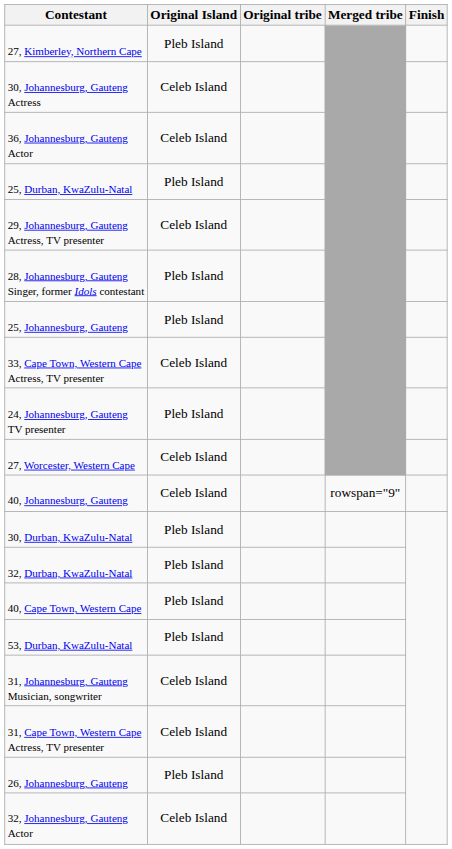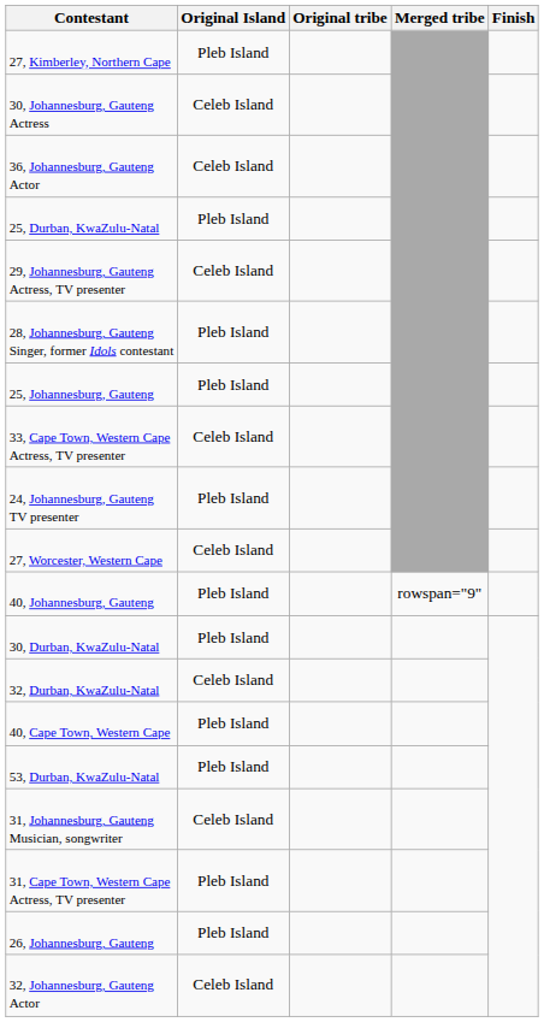 <table class="wikitable sortable nowrap" style="margin:auto; text-align:center">
 <tr>
 <th>Contestant</th>
 <th>Original Island</th>
 <th>Original tribe</th>
 <th>Merged tribe</th>
 <th>Finish</th>
 </tr>
 <tr>
 <td align="left"><strong></strong><br><small>27, <a href='#'>Kimberley, Northern Cape</a></small></td>
 <td>Pleb Island</td>
 <td> </td>
 <td rowspan="10" bgcolor="darkgray"></td>
 <td></td>
 </tr>
 <tr>
 <td align="left"><strong></strong><br><small>30, <a href='#'>Johannesburg, Gauteng</a><br>Actress</small></td>
 <td>Celeb Island</td>
 <td></td>
 <td></td>
 </tr>
 <tr>
 <td align="left"><strong></strong><br><small>36, <a href='#'>Johannesburg, Gauteng</a><br>Actor</small></td>
 <td>Celeb Island</td>
 <td></td>
 <td></td>
 </tr>
 <tr>
 <td align="left"><strong></strong><br><small>25, <a href='#'>Durban, KwaZulu-Natal</a></small></td>
 <td>Pleb Island</td>
 <td></td>
 <td></td>
 </tr>
 <tr>
 <td align="left"><strong></strong><br><small>29, <a href='#'>Johannesburg, Gauteng</a><br>Actress, TV presenter</small></td>
 <td>Celeb Island</td>
 <td></td>
 <td></td>
 </tr>
 <tr>
 <td align="left"><strong></strong><br><small>28, <a href='#'>Johannesburg, Gauteng</a><br>Singer, former <a href='#'><em>Idols</em></a> contestant</small></td>
 <td>Pleb Island</td>
 <td></td>
 <td></td>
 </tr>
 <tr>
 <td align="left"><strong></strong><br><small>25, <a href='#'>Johannesburg, Gauteng</a></small></td>
 <td>Pleb Island</td>
 <td></td>
 <td></td>
 </tr>
 <tr>
 <td align="left"><strong></strong><br><small>33, <a href='#'>Cape Town, Western Cape</a><br>Actress, TV presenter</small></td>
 <td>Celeb Island</td>
 <td></td>
 <td></td>
 </tr>
 <tr>
 <td align="left"><strong></strong><br><small>24, <a href='#'>Johannesburg, Gauteng</a><br>TV presenter</small></td>
 <td>Pleb Island</td>
 <td></td>
 <td></td>
 </tr>
 <tr>
 <td align="left"><strong></strong><br><small>27, <a href='#'>Worcester, Western Cape</a></small></td>
 <td>Celeb Island</td>
 <td></td>
 <td></td>
 </tr>
 <tr>
 <td align="left"><strong></strong><br><small>40, <a href='#'>Johannesburg, Gauteng</a></small></td>
-<td>Celeb Island</td>
+<td>Pleb Island</td>
 <td></td>
 <td>rowspan="9" </td>
 <td></td>
 </tr>
 <tr>
 <td align="left"><strong></strong><br><small>30, <a href='#'>Durban, KwaZulu-Natal</a></small></td>
 <td>Pleb Island</td>
 <td></td>
 <td></td>
 </tr>
 <tr>
 <td align="left"><strong></strong><br><small>32, <a href='#'>Durban, KwaZulu-Natal</a></small></td>
-<td>Pleb Island</td>
+<td>Celeb Island</td>
 <td></td>
 <td></td>
 </tr>
 <tr>
 <td align="left"><strong></strong><br><small>40, <a href='#'>Cape Town, Western Cape</a></small></td>
 <td>Pleb Island</td>
 <td></td>
 <td></td>
 </tr>
 <tr>
 <td align="left"><strong></strong><br><small>53, <a href='#'>Durban, KwaZulu-Natal</a></small></td>
 <td>Pleb Island</td>
 <td></td>
 <td></td>
 </tr>
 <tr>
 <td align="left"><strong></strong><br><small>31, <a href='#'>Johannesburg, Gauteng</a><br>Musician, songwriter</small></td>
 <td>Celeb Island</td>
 <td></td>
 <td></td>
 </tr>
 <tr>
 <td align="left"><strong></strong><br><small>31, <a href='#'>Cape Town, Western Cape</a><br>Actress, TV presenter</small></td>
-<td>Celeb Island</td>
+<td>Pleb Island</td>
 <td></td>
 <td></td>
 </tr>
 <tr>
 <td align="left"><strong></strong><br><small>26, <a href='#'>Johannesburg, Gauteng</a></small></td>
 <td>Pleb Island</td>
 <td></td>
 <td></td>
 </tr>
 <tr>
 <td align="left"><strong></strong><br><small>32, <a href='#'>Johannesburg, Gauteng</a><br>Actor</small></td>
 <td>Celeb Island</td>
 <td></td>
 <td></td>
 </tr>
 </table>
